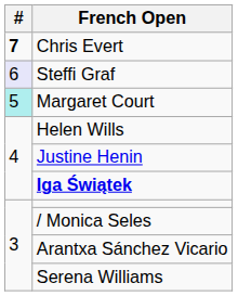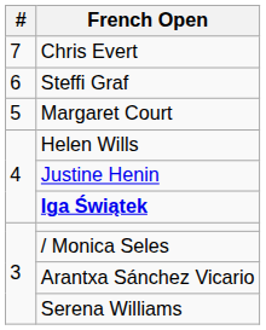 <table class="wikitable">
 <tr>
 <th style="width:18px;">#</th>
 <th>French Open</th>
 </tr>
 <tr>
-<td><strong>7</strong></td>
+<td>7</td>
 <td> Chris Evert</td>
 </tr>
 <tr>
-<td style="background: lavender;">6</td>
+<td>6</td>
 <td> Steffi Graf</td>
 </tr>
 <tr>
-<td style="background: paleturquoise;">5</td>
+<td>5</td>
 <td> Margaret Court</td>
 </tr>
 <tr>
 <td rowspan="3">4</td>
 <td> Helen Wills</td>
 </tr>
 <tr>
 <td> <a href='#'>Justine Henin</a></td>
 </tr>
 <tr>
 <td> <strong><a href='#'>Iga Świątek</a></strong></td>
 </tr>
 <tr>
 <td rowspan="4">3</td>
 <td></td>
 </tr>
 <tr>
 <td>/ Monica Seles</td>
 </tr>
 <tr>
 <td> Arantxa Sánchez Vicario</td>
 </tr>
 <tr>
 <td> Serena Williams</td>
 </tr>
 </table>
